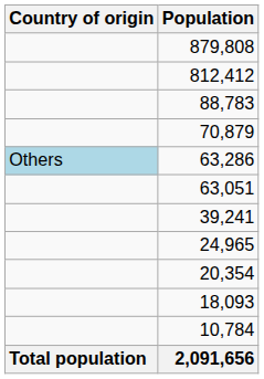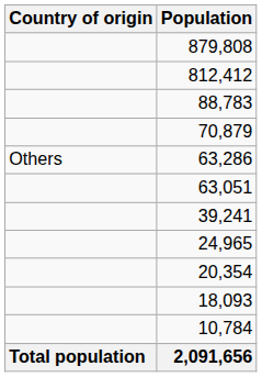 <table class="wikitable sortable">
 <tr>
 <th>Country of origin</th>
 <th>Population</th>
 </tr>
 <tr>
 <td></td>
 <td style="text-align:right;">879,808</td>
 </tr>
 <tr>
 <td></td>
 <td style="text-align:right;">812,412</td>
 </tr>
 <tr>
 <td></td>
 <td style="text-align:right;">88,783</td>
 </tr>
 <tr>
 <td></td>
 <td style="text-align:right;">70,879</td>
 </tr>
 <tr>
-<td style="background: lightblue;">Others</td>
+<td>Others</td>
 <td style="text-align:right;">63,286</td>
 </tr>
 <tr>
 <td></td>
 <td style="text-align:right;">63,051</td>
 </tr>
 <tr>
 <td></td>
 <td style="text-align:right;">39,241</td>
 </tr>
 <tr>
 <td></td>
 <td style="text-align:right;">24,965</td>
 </tr>
 <tr>
 <td></td>
 <td style="text-align:right;">20,354</td>
 </tr>
 <tr>
 <td></td>
 <td style="text-align:right;">18,093</td>
 </tr>
 <tr>
 <td></td>
 <td style="text-align:right;">10,784</td>
 </tr>
 <tr>
 <th style="text-align:left;">Total population</th>
 <th style="text-align:right;">2,091,656</th>
 </tr>
 </table>
